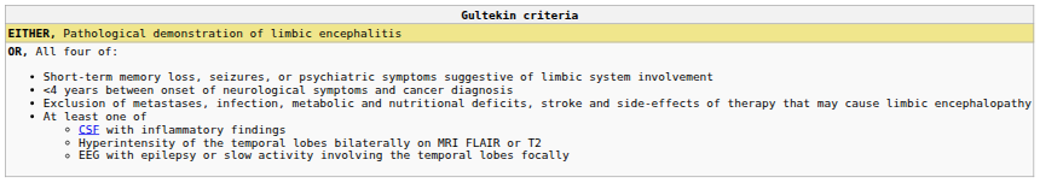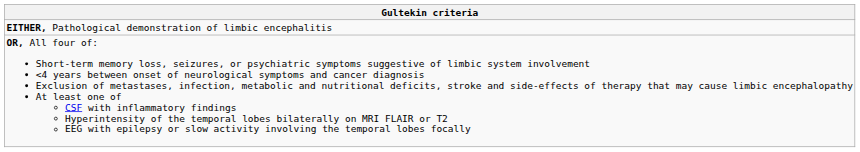 <table class="wikitable">
 <tr>
 <th>Gultekin criteria</th>
 </tr>
 <tr>
-<td style="background: khaki;"><strong>EITHER,</strong> Pathological demonstration of limbic encephalitis</td>
+<td><strong>EITHER,</strong> Pathological demonstration of limbic encephalitis</td>
 </tr>
 <tr>
 <td><strong>OR,</strong> All four of:<br><ul><li>Short-term memory loss, seizures, or psychiatric symptoms suggestive of limbic system involvement</li><li><4 years between onset of neurological symptoms and cancer diagnosis</li><li>Exclusion of metastases, infection, metabolic and nutritional deficits, stroke and side-effects of therapy that may cause limbic encephalopathy</li><li>At least one of<ul><li><a href='#'>CSF</a> with inflammatory findings</li><li>Hyperintensity of the temporal lobes bilaterally on MRI FLAIR or T2</li><li>EEG with epilepsy or slow activity involving the temporal lobes focally</li></ul></li></ul></td>
 </tr>
 </table>
